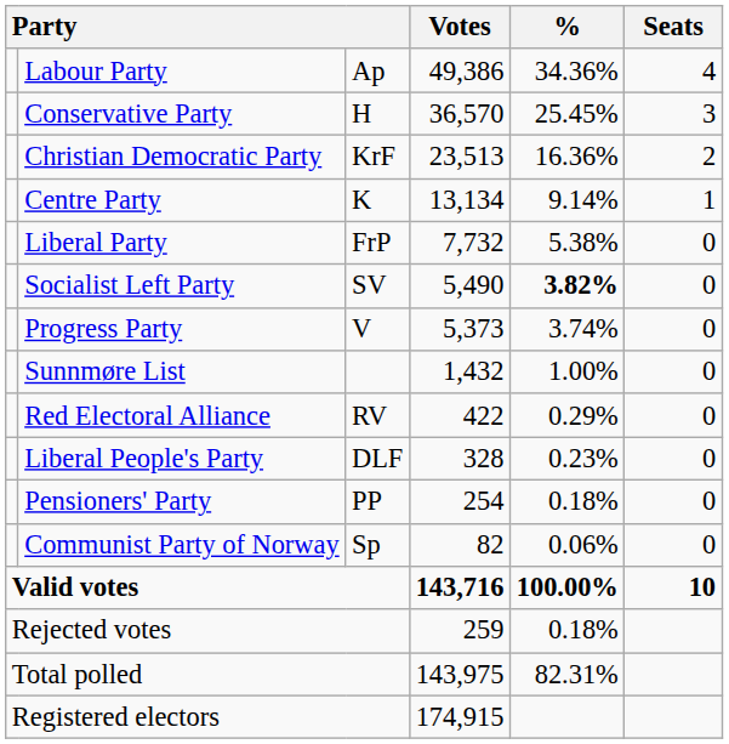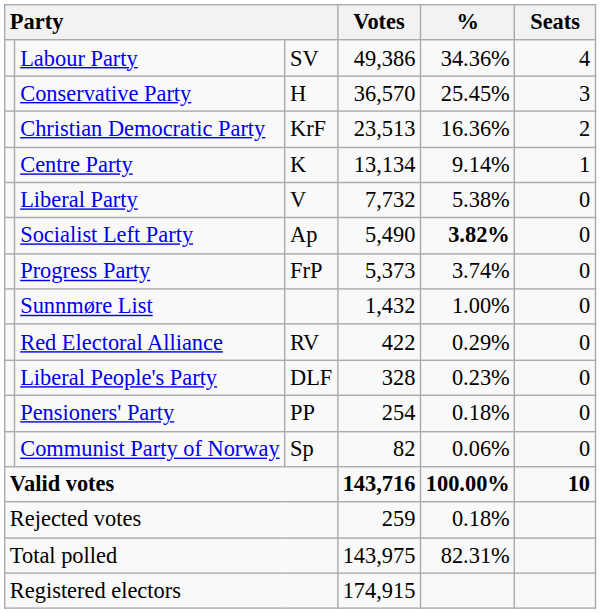 <table class="wikitable" border="1" style="text-align:right;">
 <tr>
 <th style="text-align:left;" colspan=3>Party</th>
 <th align=center width="50">Votes</th>
 <th align=center width="50">%</th>
 <th align=center width="50">Seats</th>
 </tr>
 <tr>
 <td style="color:inherit;background:"></td>
 <td align=left><a href='#'>Labour Party</a></td>
-<td align=left>Ap</td>
+<td align=left>SV</td>
 <td>49,386</td>
 <td>34.36%</td>
 <td>4</td>
 </tr>
 <tr>
 <td style="color:inherit;background:"></td>
 <td align=left><a href='#'>Conservative Party</a></td>
 <td align=left>H</td>
 <td>36,570</td>
 <td>25.45%</td>
 <td>3</td>
 </tr>
 <tr>
 <td style="color:inherit;background:"></td>
 <td align=left><a href='#'>Christian Democratic Party</a></td>
 <td align=left>KrF</td>
 <td>23,513</td>
 <td>16.36%</td>
 <td>2</td>
 </tr>
 <tr>
 <td style="color:inherit;background:"></td>
 <td align=left><a href='#'>Centre Party</a></td>
 <td align=left>K</td>
 <td>13,134</td>
 <td>9.14%</td>
 <td>1</td>
 </tr>
 <tr>
 <td style="color:inherit;background:"></td>
 <td align=left><a href='#'>Liberal Party</a></td>
-<td align=left>FrP</td>
+<td align=left>V</td>
 <td>7,732</td>
 <td>5.38%</td>
 <td>0</td>
 </tr>
 <tr>
 <td style="color:inherit;background:"></td>
 <td align=left><a href='#'>Socialist Left Party</a></td>
-<td align=left>SV</td>
+<td align=left>Ap</td>
 <td>5,490</td>
 <td><strong>3.82%</strong></td>
 <td>0</td>
 </tr>
 <tr>
 <td style="color:inherit;background:"></td>
 <td align=left><a href='#'>Progress Party</a></td>
-<td align=left>V</td>
+<td align=left>FrP</td>
 <td>5,373</td>
 <td>3.74%</td>
 <td>0</td>
 </tr>
 <tr>
 <td></td>
 <td align=left><a href='#'>Sunnmøre List</a></td>
 <td align=left></td>
 <td>1,432</td>
 <td>1.00%</td>
 <td>0</td>
 </tr>
 <tr>
 <td style="color:inherit;background:"></td>
 <td align=left><a href='#'>Red Electoral Alliance</a></td>
 <td align=left>RV</td>
 <td>422</td>
 <td>0.29%</td>
 <td>0</td>
 </tr>
 <tr>
 <td style="color:inherit;background:"></td>
 <td align=left><a href='#'>Liberal People's Party</a></td>
 <td align=left>DLF</td>
 <td>328</td>
 <td>0.23%</td>
 <td>0</td>
 </tr>
 <tr>
 <td style="color:inherit;background:"></td>
 <td align=left><a href='#'>Pensioners' Party</a></td>
 <td align=left>PP</td>
 <td>254</td>
 <td>0.18%</td>
 <td>0</td>
 </tr>
 <tr>
 <td style="color:inherit;background:"></td>
 <td align=left><a href='#'>Communist Party of Norway</a></td>
 <td align=left>Sp</td>
 <td>82</td>
 <td>0.06%</td>
 <td>0</td>
 </tr>
 <tr style="font-weight:bold">
 <td align=left colspan=3>Valid votes</td>
 <td>143,716</td>
 <td>100.00%</td>
 <td>10</td>
 </tr>
 <tr>
 <td align=left colspan=3>Rejected votes</td>
 <td>259</td>
 <td>0.18%</td>
 <td></td>
 </tr>
 <tr>
 <td align=left colspan=3>Total polled</td>
 <td>143,975</td>
 <td>82.31%</td>
 <td></td>
 </tr>
 <tr>
 <td align=left colspan=3>Registered electors</td>
 <td>174,915</td>
 <td></td>
 <td></td>
 </tr>
 </table>
